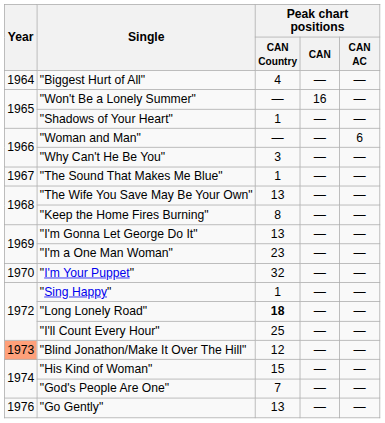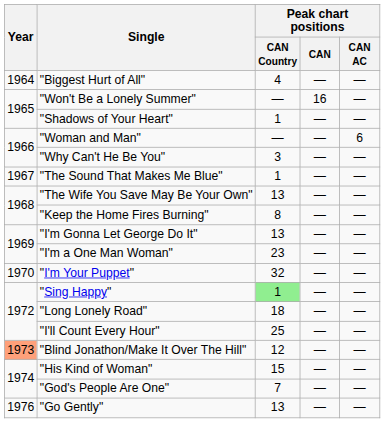 <table class="wikitable">
 <tr>
 <th rowspan="2">Year</th>
 <th rowspan="2">Single</th>
 <th colspan="3">Peak chart positions</th>
 </tr>
 <tr>
 <th width="45"><small>CAN Country</small></th>
 <th width="45"><small>CAN</small></th>
 <th width="45"><small>CAN AC</small></th>
 </tr>
 <tr>
 <td>1964</td>
 <td>"Biggest Hurt of All"</td>
 <td align="center">4</td>
 <td align="center">—</td>
 <td align="center">—</td>
 </tr>
 <tr>
 <td rowspan="2">1965</td>
 <td>"Won't Be a Lonely Summer"</td>
 <td align="center">—</td>
 <td align="center">16</td>
 <td align="center">—</td>
 </tr>
 <tr>
 <td>"Shadows of Your Heart"</td>
 <td align="center">1</td>
 <td align="center">—</td>
 <td align="center">—</td>
 </tr>
 <tr>
 <td rowspan="2">1966</td>
 <td>"Woman and Man"</td>
 <td align="center">—</td>
 <td align="center">—</td>
 <td align="center">6</td>
 </tr>
 <tr>
 <td>"Why Can't He Be You"</td>
 <td align="center">3</td>
 <td align="center">—</td>
 <td align="center">—</td>
 </tr>
 <tr>
 <td>1967</td>
 <td>"The Sound That Makes Me Blue"</td>
 <td align="center">1</td>
 <td align="center">—</td>
 <td align="center">—</td>
 </tr>
 <tr>
 <td rowspan="2">1968</td>
 <td>"The Wife You Save May Be Your Own"</td>
 <td align="center">13</td>
 <td align="center">—</td>
 <td align="center">—</td>
 </tr>
 <tr>
 <td>"Keep the Home Fires Burning"</td>
 <td align="center">8</td>
 <td align="center">—</td>
 <td align="center">—</td>
 </tr>
 <tr>
 <td rowspan="2">1969</td>
 <td>"I'm Gonna Let George Do It"</td>
 <td align="center">13</td>
 <td align="center">—</td>
 <td align="center">—</td>
 </tr>
 <tr>
 <td>"I'm a One Man Woman"</td>
 <td align="center">23</td>
 <td align="center">—</td>
 <td align="center">—</td>
 </tr>
 <tr>
 <td>1970</td>
 <td>"<a href='#'>I'm Your Puppet</a>"</td>
 <td align="center">32</td>
 <td align="center">—</td>
 <td align="center">—</td>
 </tr>
 <tr>
 <td rowspan="3">1972</td>
 <td>"<a href='#'>Sing Happy</a>"</td>
-<td align="center">1</td>
+<td align="center" style="background: lightgreen;">1</td>
 <td align="center">—</td>
 <td align="center">—</td>
 </tr>
 <tr>
 <td>"Long Lonely Road"</td>
-<td align="center"><strong>18</strong></td>
+<td align="center">18</td>
 <td align="center">—</td>
 <td align="center">—</td>
 </tr>
 <tr>
 <td>"I'll Count Every Hour"</td>
 <td align="center">25</td>
 <td align="center">—</td>
 <td align="center">—</td>
 </tr>
 <tr>
 <td style="background: lightsalmon;">1973</td>
 <td>"Blind Jonathon/Make It Over The Hill"</td>
 <td align="center">12</td>
 <td align="center">—</td>
 <td align="center">—</td>
 </tr>
 <tr>
 <td rowspan="2">1974</td>
 <td>"His Kind of Woman"</td>
 <td align="center">15</td>
 <td align="center">—</td>
 <td align="center">—</td>
 </tr>
 <tr>
 <td>"God's People Are One"</td>
 <td align="center">7</td>
 <td align="center">—</td>
 <td align="center">—</td>
 </tr>
 <tr>
 <td>1976</td>
 <td>"Go Gently"</td>
 <td align="center">13</td>
 <td align="center">—</td>
 <td align="center">—</td>
 </tr>
 </table>
